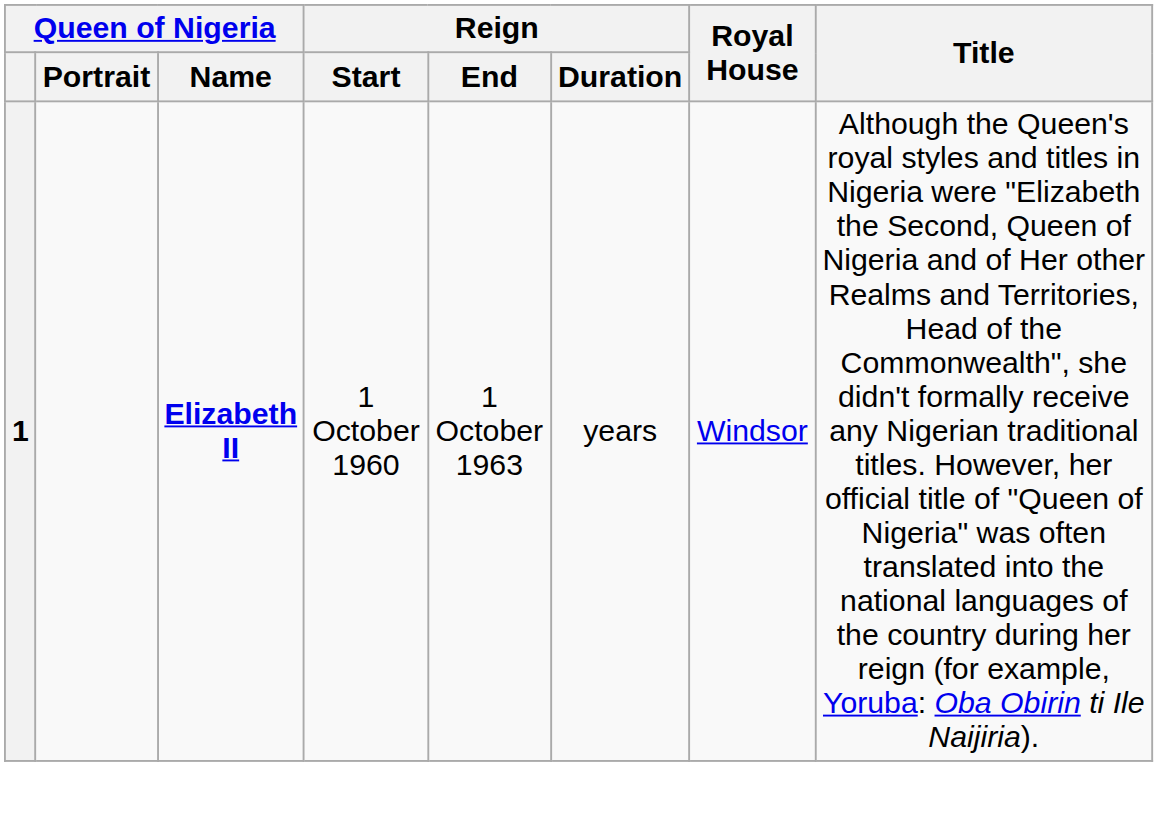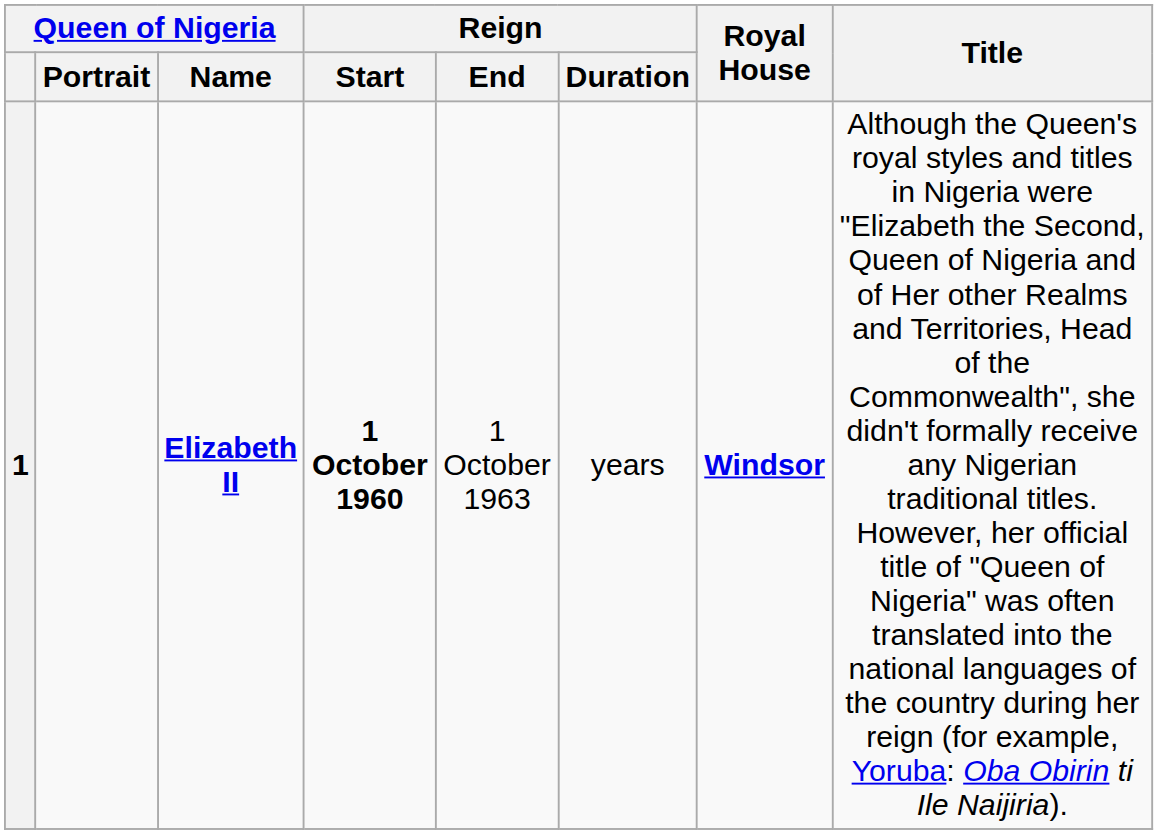 <table class="wikitable" style="text-align:center">
 <tr>
 <th colspan=3><a href='#'>Queen of Nigeria</a></th>
 <th colspan=3>Reign</th>
 <th rowspan=2>Royal House</th>
 <th rowspan=2>Title</th>
 </tr>
 <tr>
 <th></th>
 <th>Portrait</th>
 <th>Name<br></th>
 <th>Start</th>
 <th>End</th>
 <th>Duration</th>
 </tr>
 <tr>
 <th>1</th>
 <td></td>
 <td><strong><a href='#'>Elizabeth II</a></strong><br></td>
-<td>1 October 1960</td>
+<td><strong>1 October 1960</strong></td>
 <td>1 October 1963</td>
 <td> years</td>
-<td><a href='#'>Windsor</a></td>
+<td><strong><a href='#'>Windsor</a></strong></td>
 <td>Although the Queen's royal styles and titles in Nigeria were "Elizabeth the Second, Queen of Nigeria and of Her other Realms and Territories, Head of the Commonwealth", she didn't formally receive any Nigerian traditional titles. However, her official title of "Queen of Nigeria" was often translated into the national languages of the country during her reign (for example, <a href='#'>Yoruba</a>: <em><a href='#'>Oba Obirin</a> ti Ile Naijiria</em>).</td>
 </tr>
 </table>
